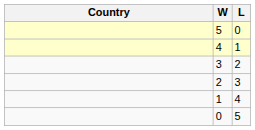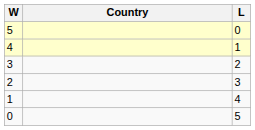 <table class="wikitable">
 <tr>
+<th bgcolor="#efefef" width="20">W</th>
 <th bgcolor="#efefef" width="300">Country</th>
-<th bgcolor="#efefef" width="20">W</th>
 <th bgcolor="#efefef" width="20">L</th>
 </tr>
 <tr bgcolor="#ffffcc">
+<td>5</td>
 <td></td>
-<td>5</td>
 <td>0</td>
 </tr>
 <tr bgcolor="#ffffcc">
+<td>4</td>
 <td></td>
-<td>4</td>
 <td>1</td>
 </tr>
 <tr>
+<td>3</td>
 <td></td>
-<td>3</td>
 <td>2</td>
 </tr>
 <tr>
+<td>2</td>
 <td></td>
-<td>2</td>
 <td>3</td>
 </tr>
 <tr>
+<td>1</td>
 <td></td>
-<td>1</td>
 <td>4</td>
 </tr>
 <tr>
+<td>0</td>
 <td></td>
-<td>0</td>
 <td>5</td>
 </tr>
 </table>
